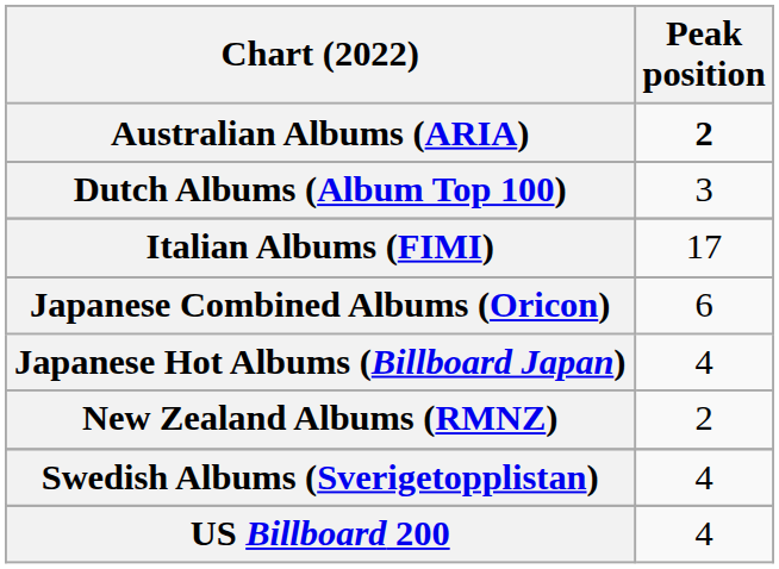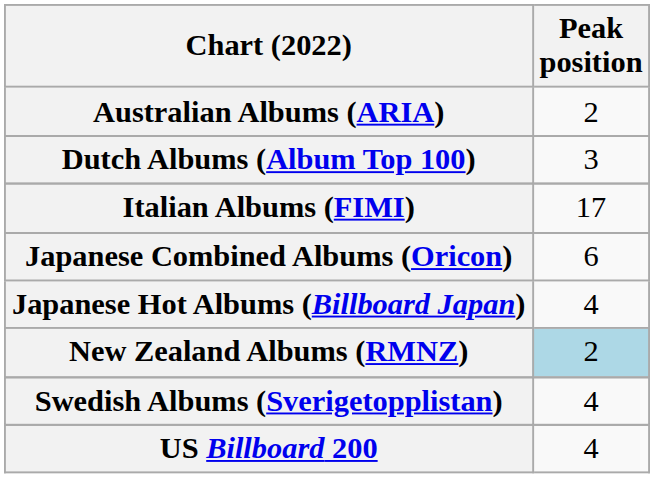 <table class="wikitable sortable plainrowheaders" style="text-align:center">
 <tr>
 <th scope="col">Chart (2022)</th>
 <th scope="col">Peak<br>position</th>
 </tr>
 <tr>
 <th scope="row">Australian Albums (<a href='#'>ARIA</a>)</th>
-<td><strong>2</strong></td>
+<td>2</td>
 </tr>
 <tr>
 </tr>
 <tr>
 </tr>
 <tr>
 </tr>
 <tr>
 </tr>
 <tr>
 </tr>
 <tr>
 <th scope="row">Dutch Albums (<a href='#'>Album Top 100</a>)</th>
 <td>3</td>
 </tr>
 <tr>
 </tr>
 <tr>
 </tr>
 <tr>
 <th scope="row">Italian Albums (<a href='#'>FIMI</a>)</th>
 <td>17</td>
 </tr>
 <tr>
 </tr>
 <tr>
 <th scope="row">Japanese Combined Albums (<a href='#'>Oricon</a>)</th>
 <td>6</td>
 </tr>
 <tr>
 <th scope="row">Japanese Hot Albums (<em><a href='#'>Billboard Japan</a></em>)</th>
 <td>4</td>
 </tr>
 <tr>
 <th scope="row">New Zealand Albums (<a href='#'>RMNZ</a>)</th>
-<td>2</td>
+<td style="background: lightblue;">2</td>
 </tr>
 <tr>
 </tr>
 <tr>
 </tr>
 <tr>
 </tr>
 <tr>
 <th scope="row">Swedish Albums (<a href='#'>Sverigetopplistan</a>)</th>
 <td>4</td>
 </tr>
 <tr>
 </tr>
 <tr>
 </tr>
 <tr>
 <th scope="row">US <a href='#'><em>Billboard</em> 200</a></th>
 <td>4</td>
 </tr>
 </table>
